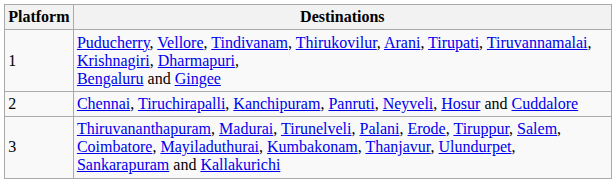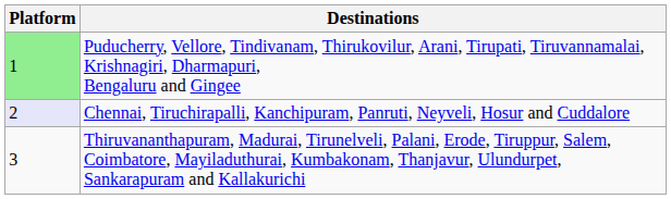 <table class ="wikitable">
 <tr>
 <th>Platform</th>
 <th>Destinations</th>
 </tr>
 <tr>
-<td>1</td>
+<td style="background: lightgreen;">1</td>
 <td><a href='#'>Puducherry</a>, <a href='#'>Vellore</a>, <a href='#'>Tindivanam</a>, <a href='#'>Thirukovilur</a>, <a href='#'>Arani</a>, <a href='#'>Tirupati</a>, <a href='#'>Tiruvannamalai</a>, <a href='#'>Krishnagiri</a>, <a href='#'>Dharmapuri</a>,<br><a href='#'>Bengaluru</a> and <a href='#'>Gingee</a></td>
 </tr>
 <tr>
-<td>2</td>
+<td style="background: lavender;">2</td>
 <td><a href='#'>Chennai</a>, <a href='#'>Tiruchirapalli</a>, <a href='#'>Kanchipuram</a>, <a href='#'>Panruti</a>, <a href='#'>Neyveli</a>, <a href='#'>Hosur</a> and <a href='#'>Cuddalore</a></td>
 </tr>
 <tr>
 <td>3</td>
 <td><a href='#'>Thiruvananthapuram</a>, <a href='#'>Madurai</a>, <a href='#'>Tirunelveli</a>, <a href='#'>Palani</a>, <a href='#'>Erode</a>, <a href='#'>Tiruppur</a>, <a href='#'>Salem</a>, <a href='#'>Coimbatore</a>, <a href='#'>Mayiladuthurai</a>, <a href='#'>Kumbakonam</a>, <a href='#'>Thanjavur</a>, <a href='#'>Ulundurpet</a>, <a href='#'>Sankarapuram</a> and <a href='#'>Kallakurichi</a></td>
 </tr>
 </table>
